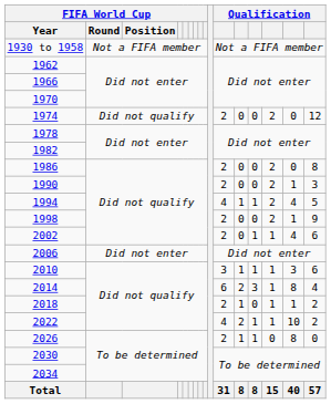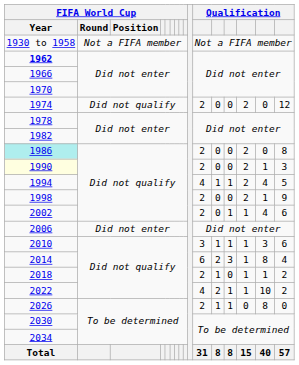 <table class="wikitable" style="text-align: center;">
 <tr>
 <th colspan=9><a href='#'>FIFA World Cup</a></th>
 <th rowspan=28></th>
 <th colspan=6><a href='#'>Qualification</a></th>
 </tr>
 <tr>
 <th>Year</th>
 <th>Round</th>
 <th>Position</th>
 <th></th>
 <th></th>
 <th></th>
 <th></th>
 <th></th>
 <th></th>
 <th></th>
 <th></th>
 <th></th>
 <th></th>
 <th></th>
 <th></th>
 </tr>
 <tr>
 <td><a href='#'>1930</a> to <a href='#'>1958</a></td>
 <td colspan=8><em>Not a FIFA member</em></td>
 <td colspan=6><em>Not a FIFA member</em></td>
 </tr>
 <tr>
-<td> <a href='#'>1962</a></td>
+<td><strong> <a href='#'>1962</a></strong></td>
 <td colspan=8 rowspan=3><em>Did not enter</em></td>
 <td colspan=6 rowspan=3><em>Did not enter</em></td>
 </tr>
 <tr>
 <td> <a href='#'>1966</a></td>
 </tr>
 <tr>
 <td> <a href='#'>1970</a></td>
 </tr>
 <tr>
 <td> <a href='#'>1974</a></td>
 <td colspan=8><em>Did not qualify</em></td>
 <td>2</td>
 <td>0</td>
 <td>0</td>
 <td>2</td>
 <td>0</td>
 <td>12</td>
 </tr>
 <tr>
 <td> <a href='#'>1978</a></td>
 <td colspan=8 rowspan=2><em>Did not enter</em></td>
 <td colspan=6 rowspan=2><em>Did not enter</em></td>
 </tr>
 <tr>
 <td> <a href='#'>1982</a></td>
 </tr>
 <tr>
-<td> <a href='#'>1986</a></td>
+<td style="background: paleturquoise;"> <a href='#'>1986</a></td>
 <td colspan=8 rowspan=5><em>Did not qualify</em></td>
 <td>2</td>
 <td>0</td>
 <td>0</td>
 <td>2</td>
 <td>0</td>
 <td>8</td>
 </tr>
 <tr>
-<td> <a href='#'>1990</a></td>
+<td style="background: lightyellow;"> <a href='#'>1990</a></td>
 <td>2</td>
 <td>0</td>
 <td>0</td>
 <td>2</td>
 <td>1</td>
 <td>3</td>
 </tr>
 <tr>
 <td> <a href='#'>1994</a></td>
 <td>4</td>
 <td>1</td>
 <td>1</td>
 <td>2</td>
 <td>4</td>
 <td>5</td>
 </tr>
 <tr>
 <td> <a href='#'>1998</a></td>
 <td>2</td>
 <td>0</td>
 <td>0</td>
 <td>2</td>
 <td>1</td>
 <td>9</td>
 </tr>
 <tr>
 <td>  <a href='#'>2002</a></td>
 <td>2</td>
 <td>0</td>
 <td>1</td>
 <td>1</td>
 <td>4</td>
 <td>6</td>
 </tr>
 <tr>
 <td> <a href='#'>2006</a></td>
 <td colspan=8><em>Did not enter</em></td>
 <td colspan=6><em>Did not enter</em></td>
 </tr>
 <tr>
 <td> <a href='#'>2010</a></td>
 <td colspan=8 rowspan=4><em>Did not qualify</em></td>
 <td>3</td>
 <td>1</td>
 <td>1</td>
 <td>1</td>
 <td>3</td>
 <td>6</td>
 </tr>
 <tr>
 <td> <a href='#'>2014</a></td>
 <td>6</td>
 <td>2</td>
 <td>3</td>
 <td>1</td>
 <td>8</td>
 <td>4</td>
 </tr>
 <tr>
 <td> <a href='#'>2018</a></td>
 <td>2</td>
 <td>1</td>
 <td>0</td>
 <td>1</td>
 <td>1</td>
 <td>2</td>
 </tr>
 <tr>
 <td> <a href='#'>2022</a></td>
 <td>4</td>
 <td>2</td>
 <td>1</td>
 <td>1</td>
 <td>10</td>
 <td>2</td>
 </tr>
 <tr>
 <td>   <a href='#'>2026</a></td>
 <td colspan=8 rowspan=3><em>To be determined</em></td>
 <td>2</td>
 <td>1</td>
 <td>1</td>
 <td>0</td>
 <td>8</td>
 <td>0</td>
 </tr>
 <tr>
 <td>   <a href='#'>2030</a></td>
 <td colspan=6 rowspan=2><em>To be determined</em></td>
 </tr>
 <tr>
 <td> <a href='#'>2034</a></td>
 </tr>
 <tr>
 <th>Total</th>
 <th></th>
 <th></th>
 <th></th>
 <th></th>
 <th></th>
 <th></th>
 <th></th>
 <th></th>
 <th>31</th>
 <th>8</th>
 <th>8</th>
 <th>15</th>
 <th>40</th>
 <th>57</th>
 </tr>
 </table>
